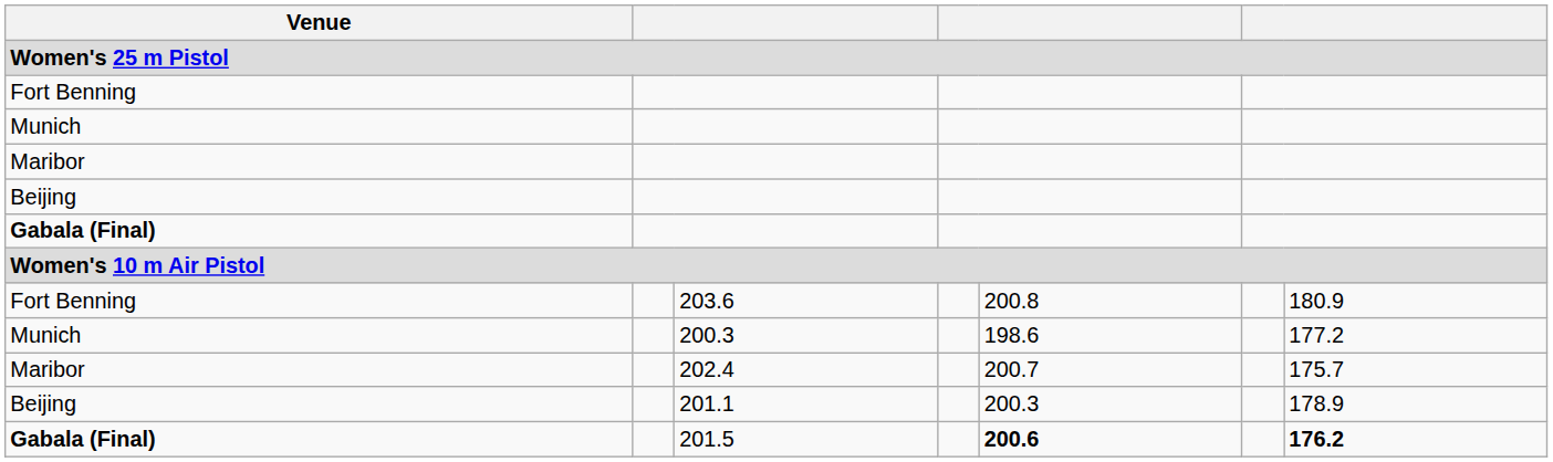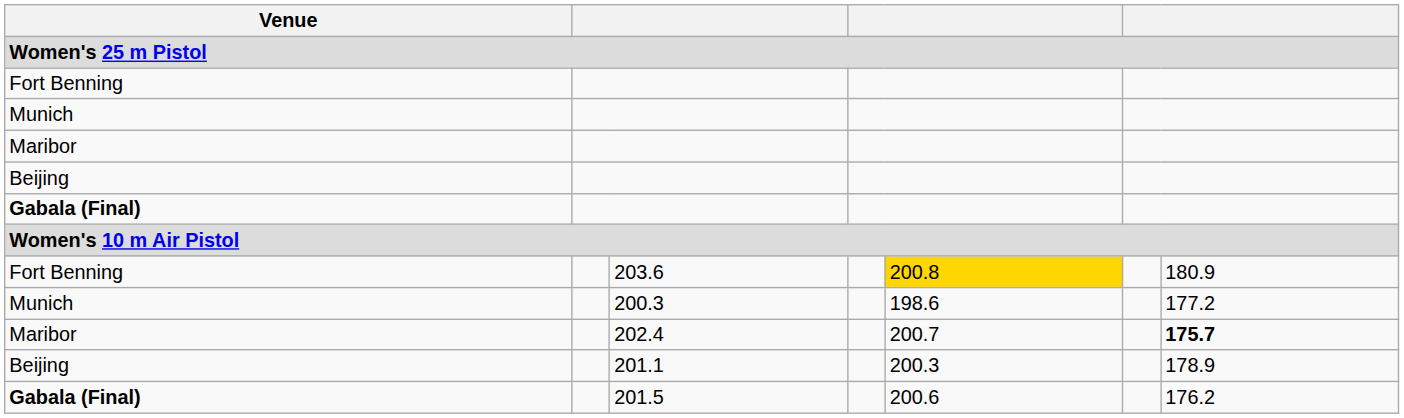 <table class=wikitable style="width:80%; font-size: 90%;">
 <tr>
 <th>Venue</th>
 <th colspan=2></th>
 <th colspan=2></th>
 <th colspan=2></th>
 </tr>
 <tr>
 <td colspan=8 style="background:#dcdcdc"><strong>Women's <a href='#'>25 m Pistol</a></strong></td>
 </tr>
 <tr>
 <td>Fort Benning</td>
 <td colspan="2"></td>
 <td colspan="2"></td>
 <td colspan="2"></td>
 </tr>
 <tr>
 <td>Munich</td>
 <td colspan="2"></td>
 <td colspan="2"></td>
 <td colspan="2"></td>
 </tr>
 <tr>
 <td>Maribor</td>
 <td colspan="2"></td>
 <td colspan="2"></td>
 <td colspan="2"></td>
 </tr>
 <tr>
 <td>Beijing</td>
 <td colspan="2"></td>
 <td colspan="2"></td>
 <td colspan="2"></td>
 </tr>
 <tr>
 <td><strong>Gabala (Final)</strong></td>
 <td colspan="2"></td>
 <td colspan="2"></td>
 <td colspan="2"></td>
 </tr>
 <tr>
 <td colspan=11 style="background:#dcdcdc"><strong>Women's <a href='#'>10 m Air Pistol</a></strong></td>
 </tr>
 <tr>
 <td>Fort Benning</td>
 <td></td>
 <td>203.6</td>
 <td></td>
-<td>200.8</td>
+<td style="background: gold;">200.8</td>
 <td></td>
 <td>180.9</td>
 </tr>
 <tr>
 <td>Munich</td>
 <td></td>
 <td>200.3</td>
 <td></td>
 <td>198.6</td>
 <td></td>
 <td>177.2</td>
 </tr>
 <tr>
 <td>Maribor</td>
 <td></td>
 <td>202.4</td>
 <td></td>
 <td>200.7</td>
 <td></td>
-<td>175.7</td>
+<td><strong>175.7</strong></td>
 </tr>
 <tr>
 <td>Beijing</td>
 <td></td>
 <td>201.1</td>
 <td></td>
 <td>200.3</td>
 <td></td>
 <td>178.9</td>
 </tr>
 <tr>
 <td><strong>Gabala (Final)</strong></td>
 <td></td>
 <td>201.5</td>
 <td></td>
-<td><strong>200.6</strong></td>
+<td>200.6</td>
 <td></td>
-<td><strong>176.2</strong></td>
+<td>176.2</td>
 </tr>
 </table>
